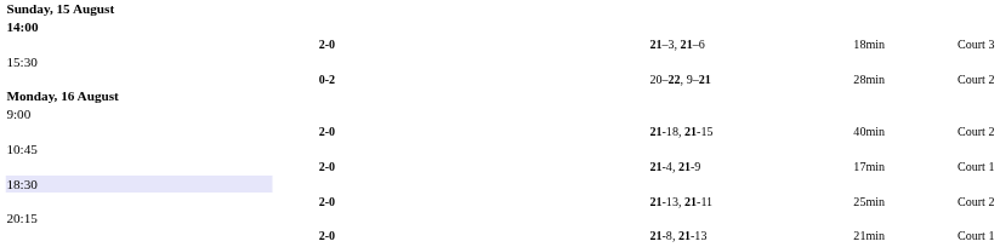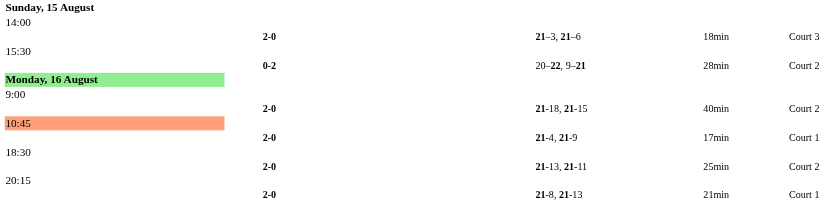 <table style="width:100%;" cellspacing="1">
 <tr>
 <th width=25%></th>
 <th width=10%></th>
 <th width=25%></th>
 </tr>
 <tr>
 <td><strong>Sunday, 15 August</strong></td>
 </tr>
 <tr>
-<td><strong>14:00</strong></td>
+<td>14:00</td>
 </tr>
 <tr style=font-size:90%>
 <td align=right><strong></strong></td>
 <td align=center><strong> 2-0 </strong></td>
 <td></td>
 <td><strong>21</strong>–3, <strong>21</strong>–6</td>
 <td>18min</td>
 <td>Court 3</td>
 </tr>
 <tr>
 <td>15:30</td>
 </tr>
 <tr style=font-size:90%>
 <td align=right></td>
 <td align=center><strong> 0-2</strong></td>
 <td><strong></strong></td>
 <td>20–<strong>22</strong>, 9–<strong>21</strong></td>
 <td>28min</td>
 <td>Court 2</td>
 </tr>
 <tr>
-<td><strong>Monday, 16 August</strong></td>
+<td style="background: lightgreen;"><strong>Monday, 16 August</strong></td>
 </tr>
 <tr>
 <td>9:00</td>
 </tr>
 <tr style=font-size:90%>
 <td align=right><strong></strong></td>
 <td align=center><strong> 2-0 </strong></td>
 <td></td>
 <td><strong>21</strong>-18, <strong>21</strong>-15</td>
 <td>40min</td>
 <td>Court 2</td>
 </tr>
 <tr>
-<td>10:45</td>
+<td style="background: lightsalmon;">10:45</td>
 </tr>
 <tr style=font-size:90%>
 <td align=right><strong></strong></td>
 <td align=center><strong> 2-0 </strong></td>
 <td></td>
 <td><strong>21</strong>-4, <strong>21</strong>-9</td>
 <td>17min</td>
 <td>Court 1</td>
 </tr>
 <tr>
-<td style="background: lavender;">18:30</td>
+<td>18:30</td>
 </tr>
 <tr style=font-size:90%>
 <td align=right><strong></strong></td>
 <td align=center><strong> 2-0 </strong></td>
 <td></td>
 <td><strong>21</strong>-13, <strong>21</strong>-11</td>
 <td>25min</td>
 <td>Court 2</td>
 </tr>
 <tr>
 <td>20:15</td>
 </tr>
 <tr style=font-size:90%>
 <td align=right><strong></strong></td>
 <td align=center><strong> 2-0 </strong></td>
 <td></td>
 <td><strong>21</strong>-8, <strong>21</strong>-13</td>
 <td>21min</td>
 <td>Court 1</td>
 </tr>
 </table>
